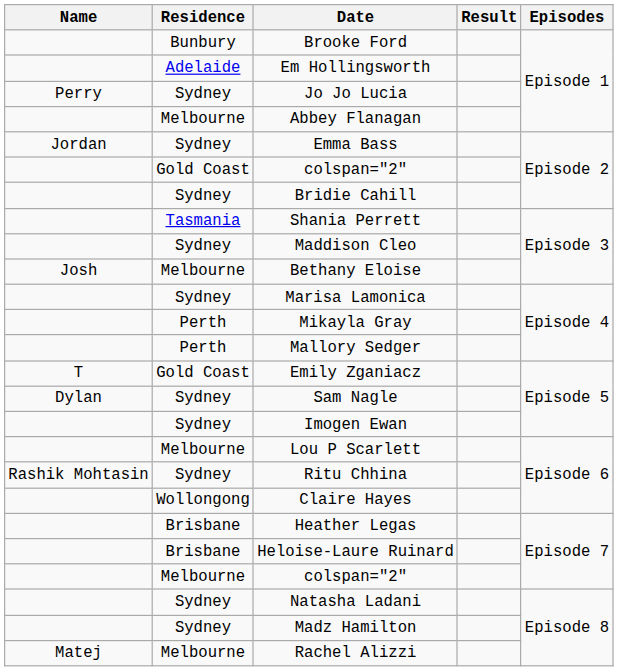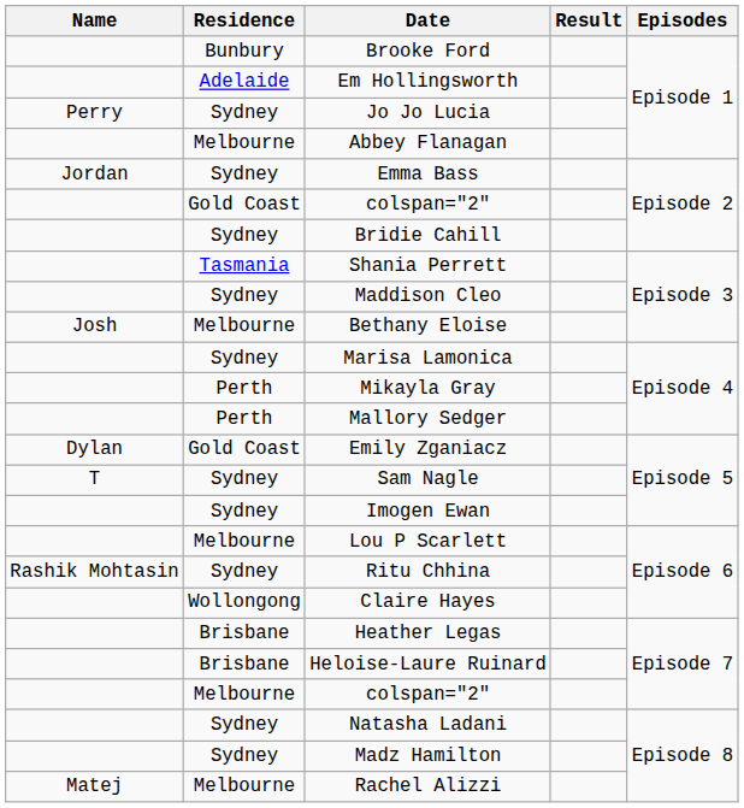 <table class="wikitable sortable" style="text-align:center;">
 <tr>
 <th>Name</th>
 <th>Residence</th>
 <th>Date</th>
 <th>Result</th>
 <th>Episodes</th>
 </tr>
 <tr>
 <td></td>
 <td>Bunbury</td>
 <td>Brooke Ford</td>
 <td></td>
 <td rowspan="4">Episode 1</td>
 </tr>
 <tr>
 <td></td>
 <td><a href='#'>Adelaide</a></td>
 <td>Em Hollingsworth</td>
 <td></td>
 </tr>
 <tr>
 <td>Perry</td>
 <td>Sydney</td>
 <td>Jo Jo Lucia</td>
 <td></td>
 </tr>
 <tr>
 <td></td>
 <td>Melbourne</td>
 <td>Abbey Flanagan</td>
 <td></td>
 </tr>
 <tr>
 <td>Jordan</td>
 <td>Sydney</td>
 <td>Emma Bass</td>
 <td></td>
 <td rowspan="3">Episode 2</td>
 </tr>
 <tr>
 <td></td>
 <td>Gold Coast</td>
 <td>colspan="2" </td>
 </tr>
 <tr>
 <td></td>
 <td>Sydney</td>
 <td>Bridie Cahill</td>
 <td></td>
 </tr>
 <tr>
 <td></td>
 <td><a href='#'>Tasmania</a></td>
 <td>Shania Perrett</td>
 <td></td>
 <td rowspan="3">Episode 3</td>
 </tr>
 <tr>
 <td></td>
 <td>Sydney</td>
 <td>Maddison Cleo</td>
 <td></td>
 </tr>
 <tr>
 <td>Josh</td>
 <td>Melbourne</td>
 <td>Bethany Eloise</td>
 <td></td>
 </tr>
 <tr>
 <td></td>
 <td>Sydney</td>
 <td>Marisa Lamonica</td>
 <td></td>
 <td rowspan="3">Episode 4</td>
 </tr>
 <tr>
 <td></td>
 <td>Perth</td>
 <td>Mikayla Gray</td>
 <td></td>
 </tr>
 <tr>
 <td></td>
 <td>Perth</td>
 <td>Mallory Sedger</td>
 <td></td>
 </tr>
 <tr>
-<td>T</td>
+<td>Dylan</td>
 <td>Gold Coast</td>
 <td>Emily Zganiacz</td>
 <td></td>
 <td rowspan="3">Episode 5</td>
 </tr>
 <tr>
-<td>Dylan</td>
+<td>T</td>
 <td>Sydney</td>
 <td>Sam Nagle</td>
 <td></td>
 </tr>
 <tr>
 <td></td>
 <td>Sydney</td>
 <td>Imogen Ewan</td>
 <td></td>
 </tr>
 <tr>
 <td></td>
 <td>Melbourne</td>
 <td>Lou P Scarlett</td>
 <td></td>
 <td rowspan="3">Episode 6</td>
 </tr>
 <tr>
 <td>Rashik Mohtasin</td>
 <td>Sydney</td>
 <td>Ritu Chhina</td>
 <td></td>
 </tr>
 <tr>
 <td></td>
 <td>Wollongong</td>
 <td>Claire Hayes</td>
 <td></td>
 </tr>
 <tr>
 <td></td>
 <td>Brisbane</td>
 <td>Heather Legas</td>
 <td></td>
 <td rowspan="3">Episode 7</td>
 </tr>
 <tr>
 <td></td>
 <td>Brisbane</td>
 <td>Heloise-Laure Ruinard</td>
 <td></td>
 </tr>
 <tr>
 <td></td>
 <td>Melbourne</td>
 <td>colspan="2" </td>
 </tr>
 <tr>
 <td></td>
 <td>Sydney</td>
 <td>Natasha Ladani</td>
 <td></td>
 <td rowspan="3">Episode 8</td>
 </tr>
 <tr>
 <td></td>
 <td>Sydney</td>
 <td>Madz Hamilton</td>
 <td></td>
 </tr>
 <tr>
 <td>Matej</td>
 <td>Melbourne</td>
 <td>Rachel Alizzi</td>
 <td></td>
 </tr>
 </table>
